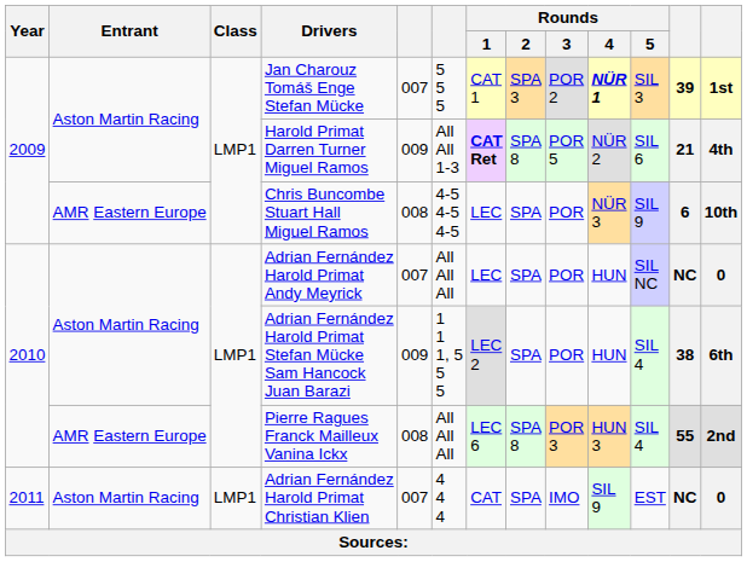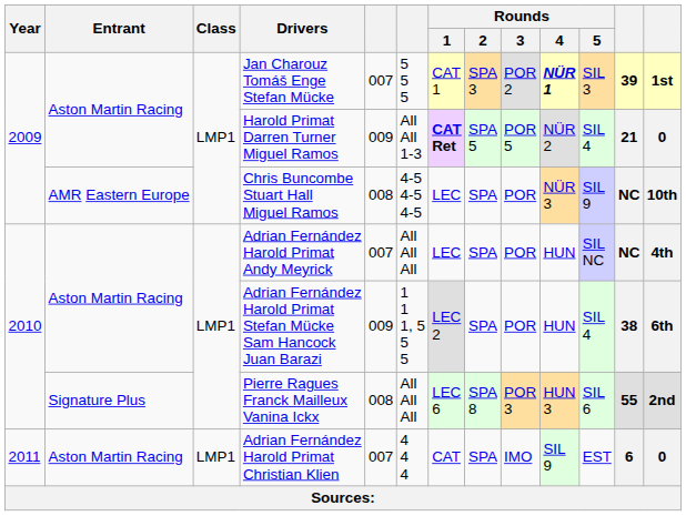 <table class="wikitable">
 <tr>
 <th rowspan="2">Year</th>
 <th rowspan="2">Entrant</th>
 <th rowspan="2">Class</th>
 <th rowspan="2">Drivers</th>
 <th rowspan="2"></th>
 <th rowspan="2"></th>
 <th colspan="5">Rounds</th>
 <th rowspan="2"></th>
 <th rowspan="2"></th>
 </tr>
 <tr>
 <th>1</th>
 <th>2</th>
 <th>3</th>
 <th>4</th>
 <th>5</th>
 </tr>
 <tr>
 <td rowspan="3"><a href='#'>2009</a></td>
 <td rowspan="2"> <a href='#'>Aston Martin Racing</a></td>
 <td rowspan="3">LMP1</td>
 <td> <a href='#'>Jan Charouz</a><br> <a href='#'>Tomáš Enge</a><br> <a href='#'>Stefan Mücke</a></td>
 <td>007</td>
 <td>5<br>5<br>5</td>
 <td style="background:#FFFFBF;”"><a href='#'>CAT</a><br>1</td>
 <td style="background:#FFDF9F;”"><a href='#'>SPA</a><br>3</td>
 <td style="background:#DFDFDF;”"><a href='#'>POR</a><br>2</td>
 <td style="background:#FFFFBF;”"><strong><em><a href='#'>NÜR</a><br>1</em></strong></td>
 <td style="background:#FFDF9F;”"><a href='#'>SIL</a><br>3</td>
 <th style="background:#FFFFBF;”">39</th>
 <th style="background:#FFFFBF;”">1st</th>
 </tr>
 <tr>
 <td> <a href='#'>Harold Primat</a><br> <a href='#'>Darren Turner</a><br> <a href='#'>Miguel Ramos</a></td>
 <td>009</td>
 <td>All<br>All<br>1-3</td>
 <td style="background:#EFCFFF;"><strong><a href='#'>CAT</a><br>Ret</strong></td>
-<td style="background:#DFFFDF;"><a href='#'>SPA</a><br>8</td>
+<td style="background:#DFFFDF;"><a href='#'>SPA</a><br>5</td>
 <td style="background:#DFFFDF;"><a href='#'>POR</a><br>5</td>
 <td style="background:#DFDFDF;”"><a href='#'>NÜR</a><br>2</td>
-<td style="background:#DFFFDF;"><a href='#'>SIL</a><br>6</td>
+<td style="background:#DFFFDF;"><a href='#'>SIL</a><br>4</td>
 <th>21</th>
-<th>4th</th>
+<th>0</th>
 </tr>
 <tr>
 <td> <a href='#'>AMR</a> <a href='#'>Eastern Europe</a></td>
 <td> <a href='#'>Chris Buncombe</a><br> <a href='#'>Stuart Hall</a><br> <a href='#'>Miguel Ramos</a></td>
 <td>008</td>
 <td>4-5<br>4-5<br>4-5</td>
 <td><a href='#'>LEC</a><br></td>
 <td><a href='#'>SPA</a><br></td>
 <td><a href='#'>POR</a><br></td>
 <td style="background:#FFDF9F;”"><a href='#'>NÜR</a><br>3</td>
 <td style="background:#CFCFFF;”"><a href='#'>SIL</a><br>9</td>
-<th>6</th>
+<th>NC</th>
 <th>10th</th>
 </tr>
 <tr>
 <td rowspan="3"><a href='#'>2010</a></td>
 <td rowspan="2"> <a href='#'>Aston Martin Racing</a></td>
 <td rowspan="3">LMP1</td>
 <td> <a href='#'>Adrian Fernández</a><br> <a href='#'>Harold Primat</a><br> <a href='#'>Andy Meyrick</a></td>
 <td>007</td>
 <td>All<br>All<br>All</td>
 <td><a href='#'>LEC</a><br></td>
 <td><a href='#'>SPA</a><br></td>
 <td><a href='#'>POR</a><br></td>
 <td><a href='#'>HUN</a><br></td>
 <td style="background:#CFCFFF;”"><a href='#'>SIL</a><br>NC</td>
 <th>NC</th>
-<th>0</th>
+<th>4th</th>
 </tr>
 <tr>
 <td> <a href='#'>Adrian Fernández</a><br> <a href='#'>Harold Primat</a><br> <a href='#'>Stefan Mücke</a><br> <a href='#'>Sam Hancock</a><br> <a href='#'>Juan Barazi</a></td>
 <td>009</td>
 <td>1<br>1<br>1, 5<br>5<br>5</td>
 <td style="background:#DFDFDF;”"><a href='#'>LEC</a><br>2</td>
 <td><a href='#'>SPA</a><br></td>
 <td><a href='#'>POR</a><br></td>
 <td><a href='#'>HUN</a><br></td>
 <td style="background:#DFFFDF;"><a href='#'>SIL</a><br>4</td>
 <th>38</th>
 <th>6th</th>
 </tr>
 <tr>
-<td> <a href='#'>AMR</a> <a href='#'>Eastern Europe</a></td>
+<td> <a href='#'>Signature Plus</a></td>
 <td> <a href='#'>Pierre Ragues</a><br> <a href='#'>Franck Mailleux</a><br> <a href='#'>Vanina Ickx</a></td>
 <td>008</td>
 <td>All<br>All<br>All</td>
 <td style="background:#DFFFDF;"><a href='#'>LEC</a><br>6</td>
 <td style="background:#DFFFDF;"><a href='#'>SPA</a><br>8</td>
 <td style="background:#FFDF9F;”"><a href='#'>POR</a><br>3</td>
 <td style="background:#FFDF9F;”"><a href='#'>HUN</a><br>3</td>
-<td style="background:#DFFFDF;"><a href='#'>SIL</a><br>4</td>
+<td style="background:#DFFFDF;"><a href='#'>SIL</a><br>6</td>
 <th style="background:#DFDFDF;”">55</th>
 <th style="background:#DFDFDF;”">2nd</th>
 </tr>
 <tr>
 <td><a href='#'>2011</a></td>
 <td> <a href='#'>Aston Martin Racing</a></td>
 <td>LMP1</td>
 <td> <a href='#'>Adrian Fernández</a><br> <a href='#'>Harold Primat</a><br> <a href='#'>Christian Klien</a></td>
 <td>007</td>
 <td>4<br>4<br>4</td>
 <td><a href='#'>CAT</a><br></td>
 <td><a href='#'>SPA</a><br></td>
 <td><a href='#'>IMO</a><br></td>
 <td style="background:#DFFFDF;"><a href='#'>SIL</a><br>9</td>
 <td><a href='#'>EST</a><br></td>
-<th>NC</th>
+<th>6</th>
 <th>0</th>
 </tr>
 <tr>
 <th colspan="13">Sources:</th>
 </tr>
 </table>
